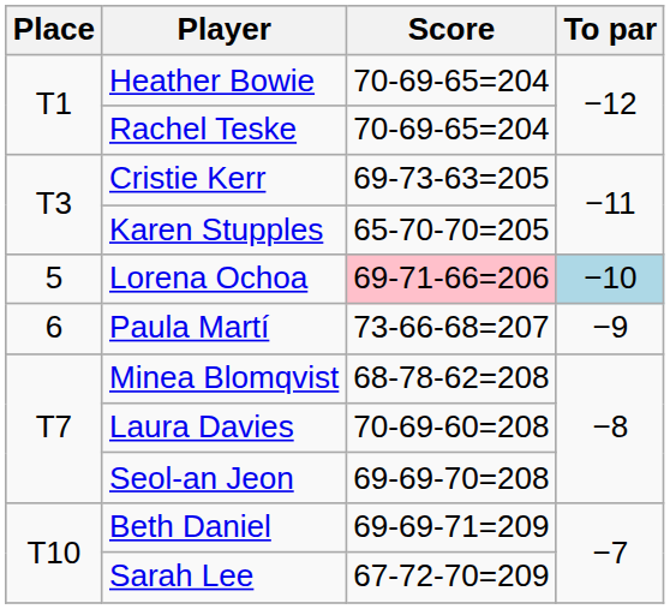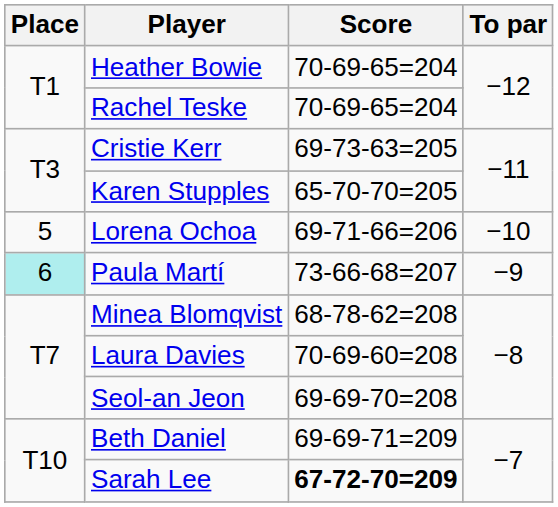 <table class="wikitable">
 <tr>
 <th>Place</th>
 <th>Player</th>
 <th>Score</th>
 <th>To par</th>
 </tr>
 <tr>
 <td align=center rowspan=2>T1</td>
 <td> <a href='#'>Heather Bowie</a></td>
 <td>70-69-65=204</td>
 <td align=center rowspan=2>−12</td>
 </tr>
 <tr>
 <td> <a href='#'>Rachel Teske</a></td>
 <td>70-69-65=204</td>
 </tr>
 <tr>
 <td align=center rowspan=2>T3</td>
 <td> <a href='#'>Cristie Kerr</a></td>
 <td>69-73-63=205</td>
 <td align=center rowspan=2>−11</td>
 </tr>
 <tr>
 <td> <a href='#'>Karen Stupples</a></td>
 <td>65-70-70=205</td>
 </tr>
 <tr>
 <td align=center>5</td>
 <td> <a href='#'>Lorena Ochoa</a></td>
-<td style="background: pink;">69-71-66=206</td>
-<td align=center style="background: lightblue;">−10</td>
+<td>69-71-66=206</td>
+<td align=center>−10</td>
 </tr>
 <tr>
-<td align=center>6</td>
+<td align=center style="background: paleturquoise;">6</td>
 <td> <a href='#'>Paula Martí</a></td>
 <td>73-66-68=207</td>
 <td align=center>−9</td>
 </tr>
 <tr>
 <td align=center rowspan=3>T7</td>
 <td> <a href='#'>Minea Blomqvist</a></td>
 <td>68-78-62=208</td>
 <td align=center rowspan=3>−8</td>
 </tr>
 <tr>
 <td> <a href='#'>Laura Davies</a></td>
 <td>70-69-60=208</td>
 </tr>
 <tr>
 <td> <a href='#'>Seol-an Jeon</a></td>
 <td>69-69-70=208</td>
 </tr>
 <tr>
 <td align=center rowspan=2>T10</td>
 <td> <a href='#'>Beth Daniel</a></td>
 <td>69-69-71=209</td>
 <td align=center rowspan=2>−7</td>
 </tr>
 <tr>
 <td> <a href='#'>Sarah Lee</a></td>
-<td>67-72-70=209</td>
+<td><strong>67-72-70=209</strong></td>
 </tr>
 </table>
